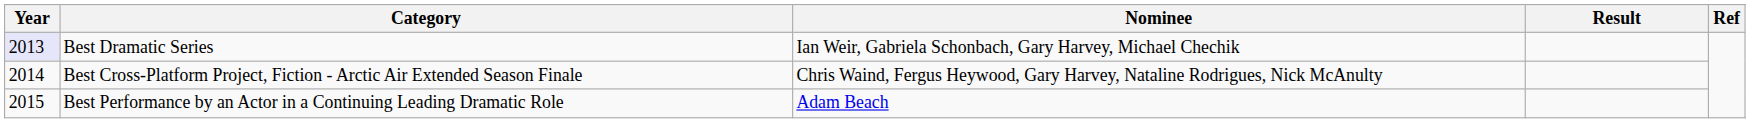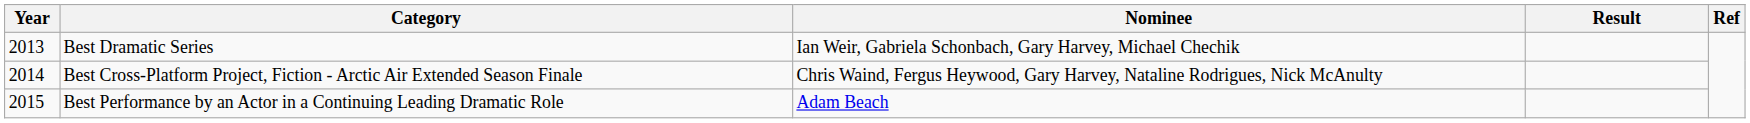 <table class="wikitable">
 <tr>
 <th width=3%>Year</th>
 <th width=40%>Category</th>
 <th width=40%>Nominee</th>
 <th width=10%>Result</th>
 <th width=2%>Ref</th>
 </tr>
 <tr>
-<td style="background: lavender;">2013</td>
+<td>2013</td>
 <td>Best Dramatic Series</td>
 <td>Ian Weir, Gabriela Schonbach, Gary Harvey, Michael Chechik</td>
 <td></td>
 <td rowspan="3"></td>
 </tr>
 <tr>
 <td>2014</td>
 <td>Best Cross-Platform Project, Fiction - Arctic Air Extended Season Finale</td>
 <td>Chris Waind, Fergus Heywood, Gary Harvey, Nataline Rodrigues, Nick McAnulty</td>
 <td></td>
 </tr>
 <tr>
 <td>2015</td>
 <td>Best Performance by an Actor in a Continuing Leading Dramatic Role</td>
 <td><a href='#'>Adam Beach</a></td>
 <td></td>
 </tr>
 </table>
